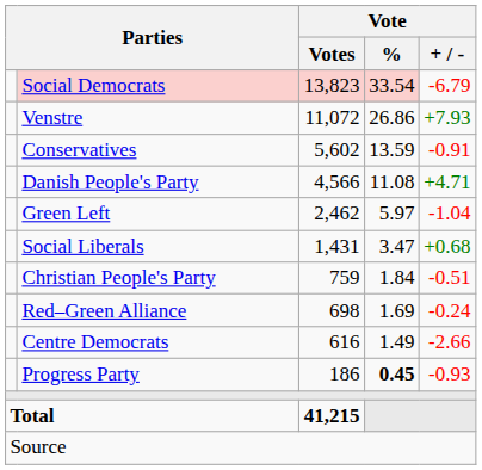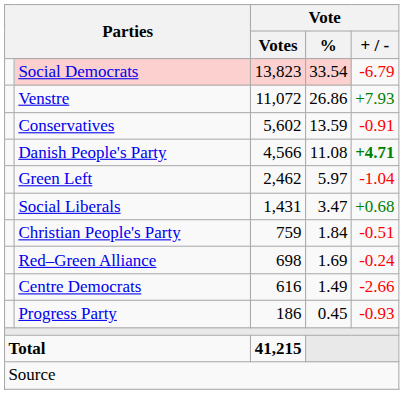 <table class="wikitable" style="text-align:right;">
 <tr>
 <th style="text-align:centre;" rowspan="2" colspan="2" width="225">Parties</th>
 <th colspan="3">Vote</th>
 </tr>
 <tr>
 <th width="15">Votes</th>
 <th width="15">%</th>
 <th width="15">+ / -</th>
 </tr>
 <tr>
 <td width="2" style="color:inherit;background:"></td>
 <td bgcolor=#fbd0ce  align="left"><a href='#'>Social Democrats</a></td>
 <td bgcolor=#fbd0ce>13,823</td>
 <td bgcolor=#fbd0ce>33.54</td>
 <td style=color:red;>-6.79</td>
 </tr>
 <tr>
 <td width="2" style="color:inherit;background:"></td>
 <td align="left"><a href='#'>Venstre</a></td>
 <td>11,072</td>
 <td>26.86</td>
 <td style=color:green;>+7.93</td>
 </tr>
 <tr>
 <td width="2" style="color:inherit;background:"></td>
 <td align="left"><a href='#'>Conservatives</a></td>
 <td>5,602</td>
 <td>13.59</td>
 <td style=color:red;>-0.91</td>
 </tr>
 <tr>
 <td width="2" style="color:inherit;background:"></td>
 <td align="left"><a href='#'>Danish People's Party</a></td>
 <td>4,566</td>
 <td>11.08</td>
-<td style=color:green;>+4.71</td>
+<td style=color:green;><strong>+4.71</strong></td>
 </tr>
 <tr>
 <td width="2" style="color:inherit;background:"></td>
 <td align="left"><a href='#'>Green Left</a></td>
 <td>2,462</td>
 <td>5.97</td>
 <td style=color:red;>-1.04</td>
 </tr>
 <tr>
 <td width="2" style="color:inherit;background:"></td>
 <td align="left"><a href='#'>Social Liberals</a></td>
 <td>1,431</td>
 <td>3.47</td>
 <td style=color:green;>+0.68</td>
 </tr>
 <tr>
 <td width="2" style="color:inherit;background:"></td>
 <td align="left"><a href='#'>Christian People's Party</a></td>
 <td>759</td>
 <td>1.84</td>
 <td style=color:red;>-0.51</td>
 </tr>
 <tr>
 <td width="2" style="color:inherit;background:"></td>
 <td align="left"><a href='#'>Red–Green Alliance</a></td>
 <td>698</td>
 <td>1.69</td>
 <td style=color:red;>-0.24</td>
 </tr>
 <tr>
 <td width="2" style="color:inherit;background:"></td>
 <td align="left"><a href='#'>Centre Democrats</a></td>
 <td>616</td>
 <td>1.49</td>
 <td style=color:red;>-2.66</td>
 </tr>
 <tr>
 <td width="2" style="color:inherit;background:"></td>
 <td align="left"><a href='#'>Progress Party</a></td>
 <td>186</td>
-<td><strong>0.45</strong></td>
+<td>0.45</td>
 <td style=color:red;>-0.93</td>
 </tr>
 <tr>
 <td colspan="7" bgcolor="#E9E9E9"></td>
 </tr>
 <tr>
 <td align="left" colspan="2"><strong>Total</strong></td>
 <td><strong>41,215</strong></td>
 <td bgcolor="#E9E9E9" colspan="2"></td>
 </tr>
 <tr>
 <td align="left" colspan="6">Source</td>
 </tr>
 </table>
